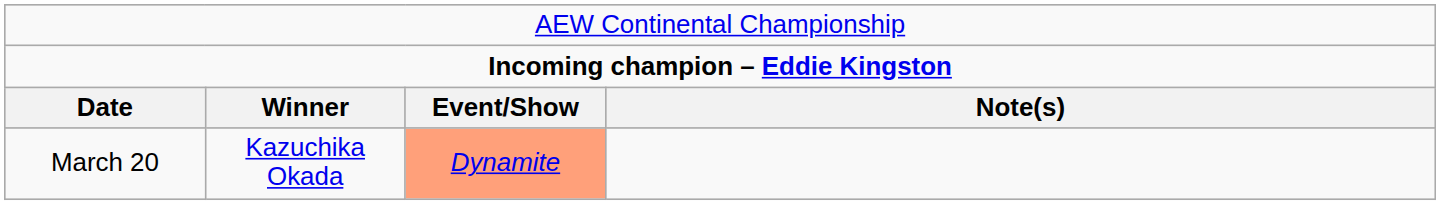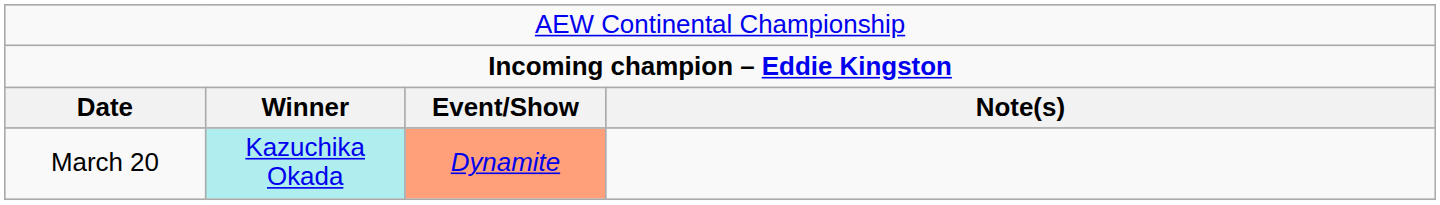 <table class="wikitable" style="text-align:center; width:100%;">
 <tr>
 <td colspan="4" style="text-align: center;"><a href='#'>AEW Continental Championship</a></td>
 </tr>
 <tr>
 <td colspan="4" style="text-align: center;"><strong>Incoming champion – <a href='#'>Eddie Kingston</a></strong></td>
 </tr>
 <tr>
 <th width=14%>Date</th>
 <th width=14%>Winner</th>
 <th width=14%>Event/Show</th>
 <th width=58%>Note(s)</th>
 </tr>
 <tr>
 <td>March 20</td>
-<td><a href='#'>Kazuchika Okada</a></td>
+<td style="background: paleturquoise;"><a href='#'>Kazuchika Okada</a></td>
 <td style="background: lightsalmon;"><em><a href='#'>Dynamite</a></em></td>
 <td></td>
 </tr>
 </table>
